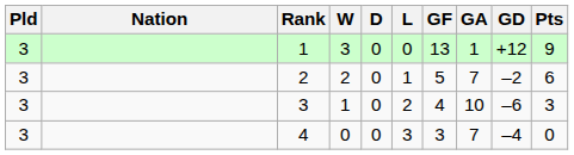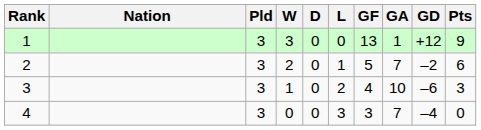 <table class="wikitable" style="text-align: center;">
 <tr>
+<th width=5>Rank</th>
+<th width=200>Nation</th>
 <th width=20>Pld</th>
-<th width=200>Nation</th>
-<th width=5>Rank</th>
 <th width=20>W</th>
 <th width=20>D</th>
 <th width=20>L</th>
 <th width=20>GF</th>
 <th width=20>GA</th>
 <th width=20>GD</th>
 <th width=20>Pts</th>
 </tr>
 <tr style="background:#ccffcc">
+<td>1</td>
+<td style="text-align:left"></td>
 <td>3</td>
-<td style="text-align:left"></td>
-<td>1</td>
 <td>3</td>
 <td>0</td>
 <td>0</td>
 <td>13</td>
 <td>1</td>
 <td>+12</td>
 <td>9</td>
 </tr>
 <tr>
+<td>2</td>
+<td style="text-align:left"></td>
 <td>3</td>
-<td style="text-align:left"></td>
-<td>2</td>
 <td>2</td>
 <td>0</td>
 <td>1</td>
 <td>5</td>
 <td>7</td>
 <td>–2</td>
 <td>6</td>
 </tr>
 <tr>
 <td>3</td>
 <td style="text-align:left"></td>
 <td>3</td>
 <td>1</td>
 <td>0</td>
 <td>2</td>
 <td>4</td>
 <td>10</td>
 <td>–6</td>
 <td>3</td>
 </tr>
 <tr>
+<td>4</td>
+<td style="text-align:left"></td>
 <td>3</td>
-<td style="text-align:left"></td>
-<td>4</td>
 <td>0</td>
 <td>0</td>
 <td>3</td>
 <td>3</td>
 <td>7</td>
 <td>–4</td>
 <td>0</td>
 </tr>
 </table>
